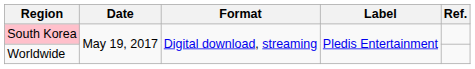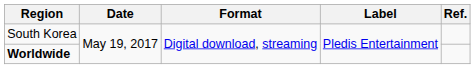 <table class="wikitable">
 <tr>
 <th>Region</th>
 <th>Date</th>
 <th>Format</th>
 <th>Label</th>
 <th>Ref.</th>
 </tr>
 <tr>
-<td style="background: pink;">South Korea</td>
+<td>South Korea</td>
 <td rowspan="2">May 19, 2017</td>
 <td rowspan="2"><a href='#'>Digital download</a>, <a href='#'>streaming</a></td>
 <td rowspan="2"><a href='#'>Pledis Entertainment</a></td>
 <td style="text-align:center;"></td>
 </tr>
 <tr>
-<td>Worldwide</td>
+<td><strong>Worldwide</strong></td>
 <td style="text-align:center;"></td>
 </tr>
 </table>
